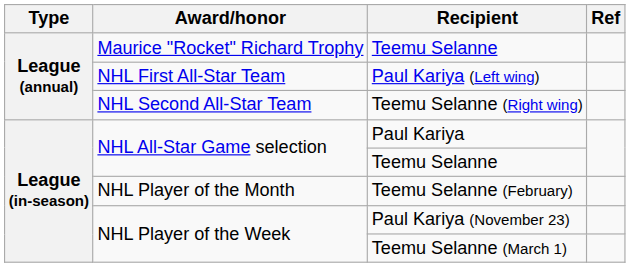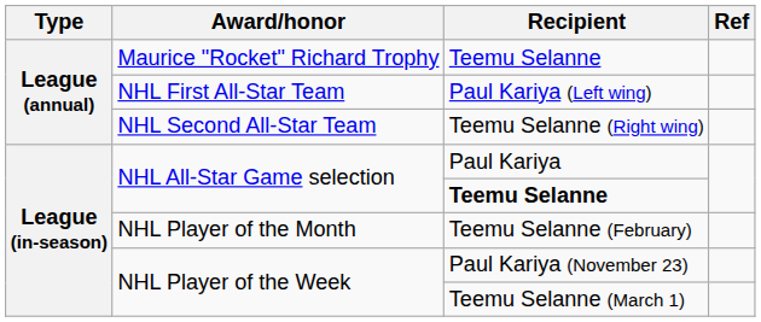 <table class="wikitable">
 <tr>
 <th scope="col">Type</th>
 <th scope="col">Award/honor</th>
 <th scope="col">Recipient</th>
 <th scope="col">Ref</th>
 </tr>
 <tr>
 <th scope="row" rowspan="3">League<br><small>(annual)</small></th>
 <td><a href='#'>Maurice "Rocket" Richard Trophy</a></td>
 <td><a href='#'>Teemu Selanne</a></td>
 <td></td>
 </tr>
 <tr>
 <td><a href='#'>NHL First All-Star Team</a></td>
 <td><a href='#'>Paul Kariya</a> <small>(<a href='#'>Left wing</a>)</small></td>
 <td></td>
 </tr>
 <tr>
 <td><a href='#'>NHL Second All-Star Team</a></td>
 <td>Teemu Selanne <small>(<a href='#'>Right wing</a>)</small></td>
 <td></td>
 </tr>
 <tr>
 <th scope="row" rowspan="5">League<br><small>(in-season)</small></th>
 <td rowspan="2"><a href='#'>NHL All-Star Game</a> selection</td>
 <td>Paul Kariya</td>
 <td rowspan="2"></td>
 </tr>
 <tr>
-<td>Teemu Selanne</td>
+<td><strong>Teemu Selanne</strong></td>
 </tr>
 <tr>
 <td>NHL Player of the Month</td>
 <td>Teemu Selanne <small>(February)</small></td>
 <td></td>
 </tr>
 <tr>
 <td rowspan="2">NHL Player of the Week</td>
 <td>Paul Kariya <small>(November 23)</small></td>
 <td></td>
 </tr>
 <tr>
 <td>Teemu Selanne <small>(March 1)</small></td>
 <td></td>
 </tr>
 </table>
